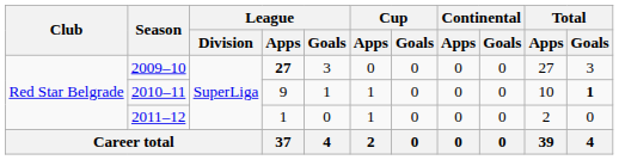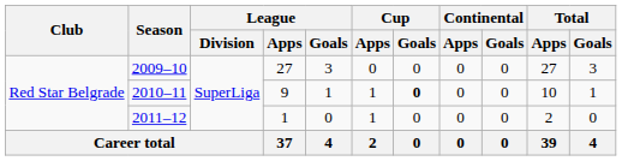 <table class="wikitable" style="text-align:center">
 <tr>
 <th rowspan="2">Club</th>
 <th rowspan="2">Season</th>
 <th colspan="3">League</th>
 <th colspan="2">Cup</th>
 <th colspan="2">Continental</th>
 <th colspan="2">Total</th>
 </tr>
 <tr>
 <th>Division</th>
 <th>Apps</th>
 <th>Goals</th>
 <th>Apps</th>
 <th>Goals</th>
 <th>Apps</th>
 <th>Goals</th>
 <th>Apps</th>
 <th>Goals</th>
 </tr>
 <tr>
 <td rowspan="3"><a href='#'>Red Star Belgrade</a></td>
 <td><a href='#'>2009–10</a></td>
 <td rowspan="3"><a href='#'>SuperLiga</a></td>
-<td><strong>27</strong></td>
+<td>27</td>
 <td>3</td>
 <td>0</td>
 <td>0</td>
 <td>0</td>
 <td>0</td>
 <td>27</td>
 <td>3</td>
 </tr>
 <tr>
 <td><a href='#'>2010–11</a></td>
 <td>9</td>
 <td>1</td>
 <td>1</td>
-<td>0</td>
+<td><strong>0</strong></td>
 <td>0</td>
 <td>0</td>
 <td>10</td>
-<td><strong>1</strong></td>
+<td>1</td>
 </tr>
 <tr>
 <td><a href='#'>2011–12</a></td>
 <td>1</td>
 <td>0</td>
 <td>1</td>
 <td>0</td>
 <td>0</td>
 <td>0</td>
 <td>2</td>
 <td>0</td>
 </tr>
 <tr>
 <th colspan="3">Career total</th>
 <th>37</th>
 <th>4</th>
 <th>2</th>
 <th>0</th>
 <th>0</th>
 <th>0</th>
 <th>39</th>
 <th>4</th>
 </tr>
 </table>
